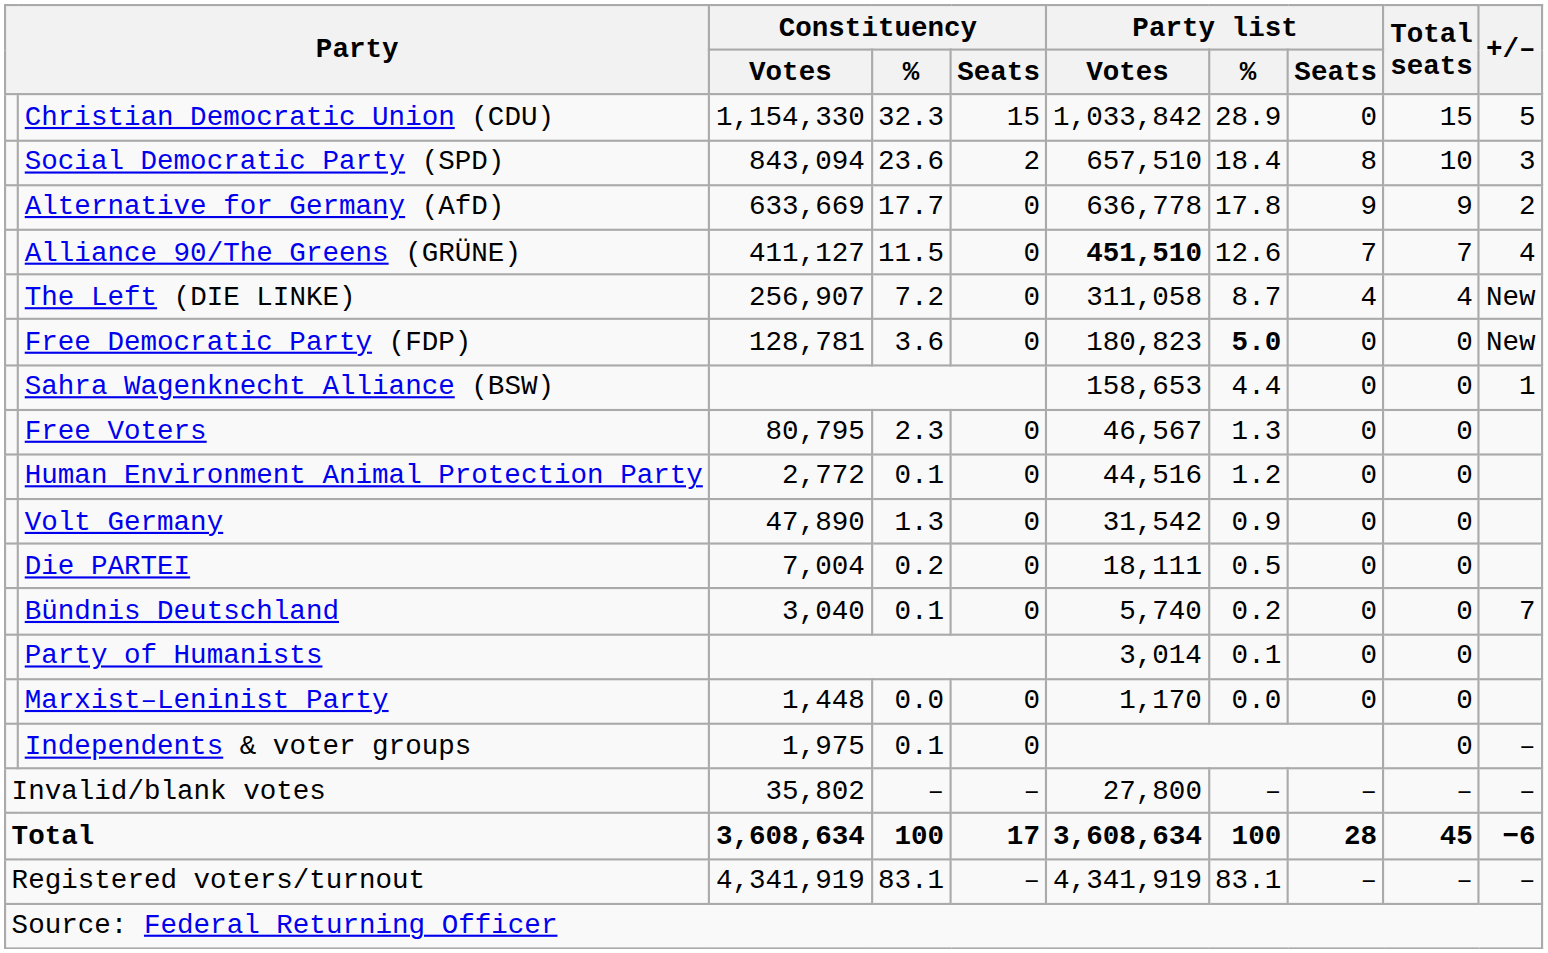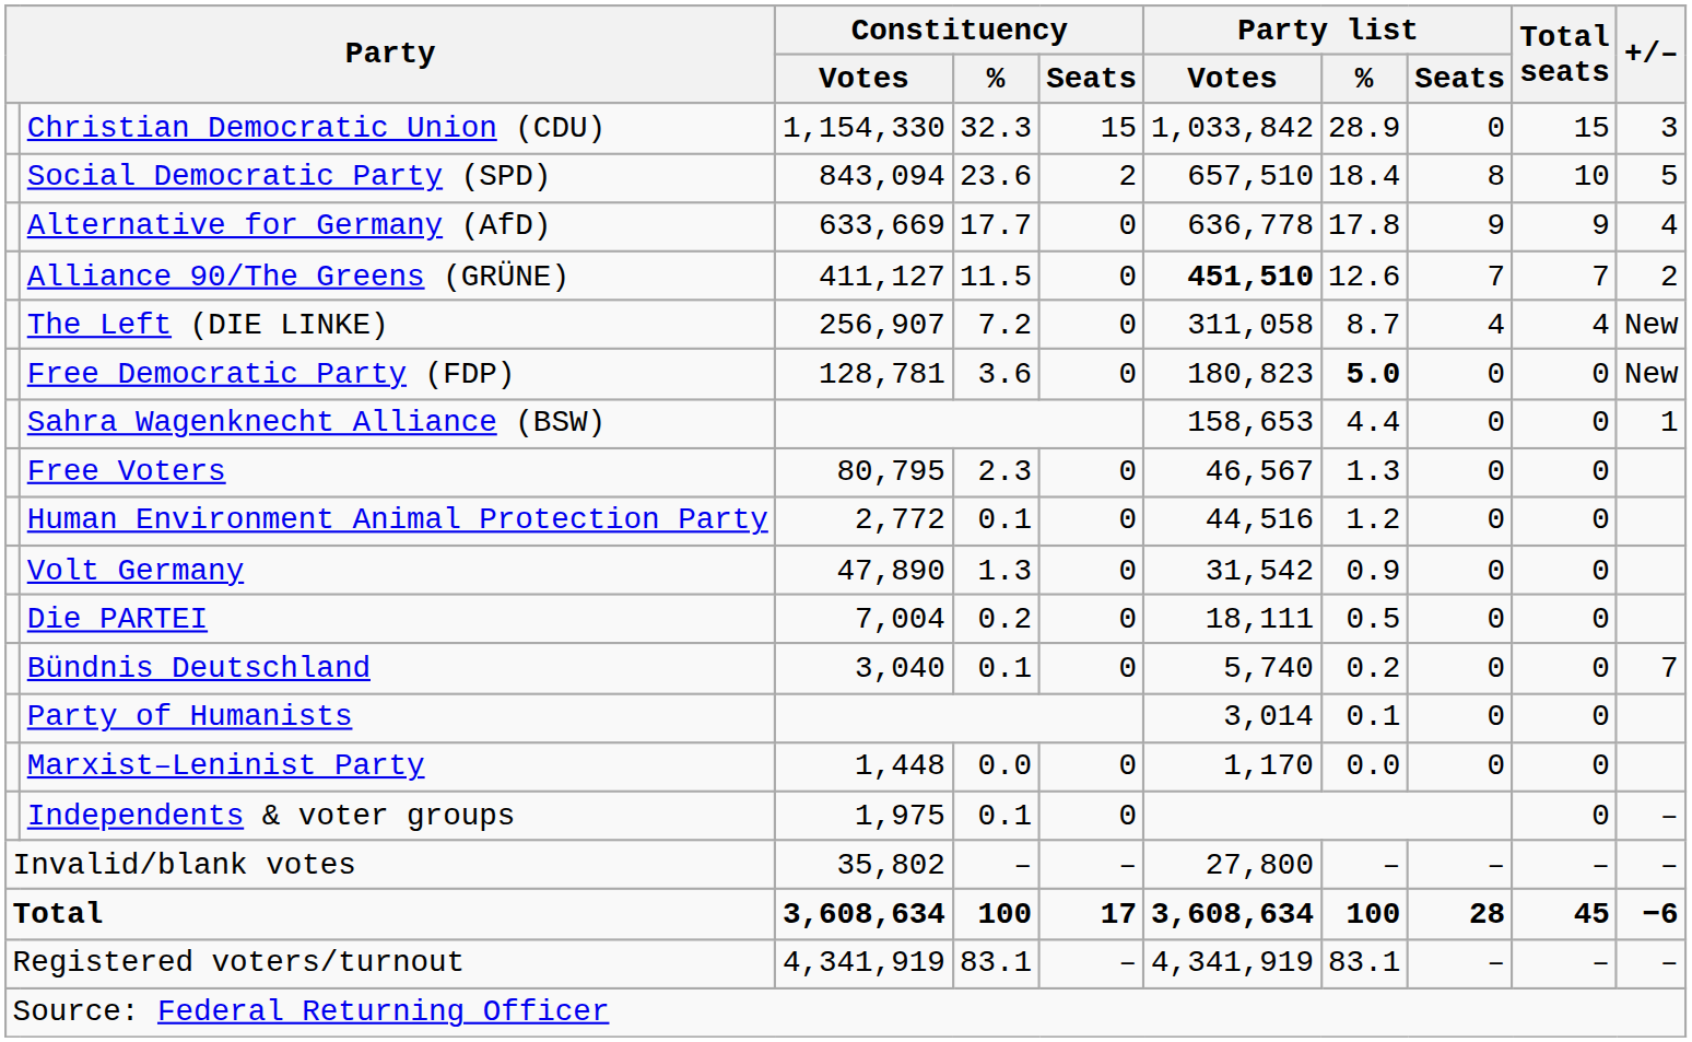 <table class="wikitable" style="text-align:right">
 <tr>
 <th colspan="2" rowspan="2">Party</th>
 <th colspan="3">Constituency</th>
 <th colspan="3">Party list</th>
 <th rowspan="2">Total<br>seats</th>
 <th rowspan="2">+/–</th>
 </tr>
 <tr>
 <th>Votes</th>
 <th>%</th>
 <th>Seats</th>
 <th>Votes</th>
 <th>%</th>
 <th>Seats</th>
 </tr>
 <tr>
 <td></td>
 <td align="left"><a href='#'>Christian Democratic Union</a> (CDU)</td>
 <td>1,154,330</td>
 <td>32.3</td>
 <td>15</td>
 <td>1,033,842</td>
 <td>28.9</td>
 <td>0</td>
 <td>15</td>
-<td> 5</td>
+<td> 3</td>
 </tr>
 <tr>
 <td></td>
 <td align="left"><a href='#'>Social Democratic Party</a> (SPD)</td>
 <td>843,094</td>
 <td>23.6</td>
 <td>2</td>
 <td>657,510</td>
 <td>18.4</td>
 <td>8</td>
 <td>10</td>
-<td> 3</td>
+<td> 5</td>
 </tr>
 <tr>
 <td></td>
 <td align="left"><a href='#'>Alternative for Germany</a> (AfD)</td>
 <td>633,669</td>
 <td>17.7</td>
 <td>0</td>
 <td>636,778</td>
 <td>17.8</td>
 <td>9</td>
 <td>9</td>
-<td> 2</td>
+<td> 4</td>
 </tr>
 <tr>
 <td></td>
 <td align="left"><a href='#'>Alliance 90/The Greens</a> (GRÜNE)</td>
 <td>411,127</td>
 <td>11.5</td>
 <td>0</td>
 <td><strong>451,510</strong></td>
 <td>12.6</td>
 <td>7</td>
 <td>7</td>
-<td> 4</td>
+<td> 2</td>
 </tr>
 <tr>
 <td></td>
 <td align="left"><a href='#'>The Left</a> (DIE LINKE)</td>
 <td>256,907</td>
 <td>7.2</td>
 <td>0</td>
 <td>311,058</td>
 <td>8.7</td>
 <td>4</td>
 <td>4</td>
 <td>New</td>
 </tr>
 <tr>
 <td></td>
 <td align="left"><a href='#'>Free Democratic Party</a> (FDP)</td>
 <td>128,781</td>
 <td>3.6</td>
 <td>0</td>
 <td>180,823</td>
 <td><strong>5.0</strong></td>
 <td>0</td>
 <td>0</td>
 <td>New</td>
 </tr>
 <tr>
 <td style="background-color:"></td>
 <td align="left"><a href='#'>Sahra Wagenknecht Alliance</a> (BSW)</td>
 <td colspan="3"></td>
 <td>158,653</td>
 <td>4.4</td>
 <td>0</td>
 <td>0</td>
 <td> 1</td>
 </tr>
 <tr>
 <td style="background-color:"></td>
 <td align="left"><a href='#'>Free Voters</a></td>
 <td>80,795</td>
 <td>2.3</td>
 <td>0</td>
 <td>46,567</td>
 <td>1.3</td>
 <td>0</td>
 <td>0</td>
 <td></td>
 </tr>
 <tr>
 <td style="background-color:"></td>
 <td align="left"><a href='#'>Human Environment Animal Protection Party</a></td>
 <td>2,772</td>
 <td>0.1</td>
 <td>0</td>
 <td>44,516</td>
 <td>1.2</td>
 <td>0</td>
 <td>0</td>
 <td></td>
 </tr>
 <tr>
 <td style="background-color:"></td>
 <td align="left"><a href='#'>Volt Germany</a></td>
 <td>47,890</td>
 <td>1.3</td>
 <td>0</td>
 <td>31,542</td>
 <td>0.9</td>
 <td>0</td>
 <td>0</td>
 <td></td>
 </tr>
 <tr>
 <td style="background-color:"></td>
 <td align="left"><a href='#'>Die PARTEI</a></td>
 <td>7,004</td>
 <td>0.2</td>
 <td>0</td>
 <td>18,111</td>
 <td>0.5</td>
 <td>0</td>
 <td>0</td>
 <td></td>
 </tr>
 <tr>
 <td style="background-color:"></td>
 <td align="left"><a href='#'>Bündnis Deutschland</a></td>
 <td>3,040</td>
 <td>0.1</td>
 <td>0</td>
 <td>5,740</td>
 <td>0.2</td>
 <td>0</td>
 <td>0</td>
 <td> 7</td>
 </tr>
 <tr>
 <td style="background-color:"></td>
 <td align="left"><a href='#'>Party of Humanists</a></td>
 <td colspan="3"></td>
 <td>3,014</td>
 <td>0.1</td>
 <td>0</td>
 <td>0</td>
 <td></td>
 </tr>
 <tr>
 <td style="background-color:"></td>
 <td align="left"><a href='#'>Marxist–Leninist Party</a></td>
 <td>1,448</td>
 <td>0.0</td>
 <td>0</td>
 <td>1,170</td>
 <td>0.0</td>
 <td>0</td>
 <td>0</td>
 <td></td>
 </tr>
 <tr>
 <td style="background-color:"></td>
 <td align="left"><a href='#'>Independents</a> & voter groups</td>
 <td>1,975</td>
 <td>0.1</td>
 <td>0</td>
 <td colspan="3"></td>
 <td>0</td>
 <td>–</td>
 </tr>
 <tr>
 <td colspan="2" align="left">Invalid/blank votes</td>
 <td>35,802</td>
 <td>–</td>
 <td>–</td>
 <td>27,800</td>
 <td>–</td>
 <td>–</td>
 <td>–</td>
 <td>–</td>
 </tr>
 <tr>
 <td colspan="2" align="left"><strong>Total</strong></td>
 <td><strong>3,608,634</strong></td>
 <td><strong>100</strong></td>
 <td><strong>17</strong></td>
 <td><strong>3,608,634</strong></td>
 <td><strong>100</strong></td>
 <td><strong>28</strong></td>
 <td><strong>45</strong></td>
 <td><strong>−6</strong></td>
 </tr>
 <tr>
 <td colspan="2" align="left">Registered voters/turnout</td>
 <td>4,341,919</td>
 <td>83.1</td>
 <td>–</td>
 <td>4,341,919</td>
 <td>83.1</td>
 <td>–</td>
 <td>–</td>
 <td>–</td>
 </tr>
 <tr>
 <td colspan="10" align="left">Source: <a href='#'>Federal Returning Officer</a></td>
 </tr>
 </table>
